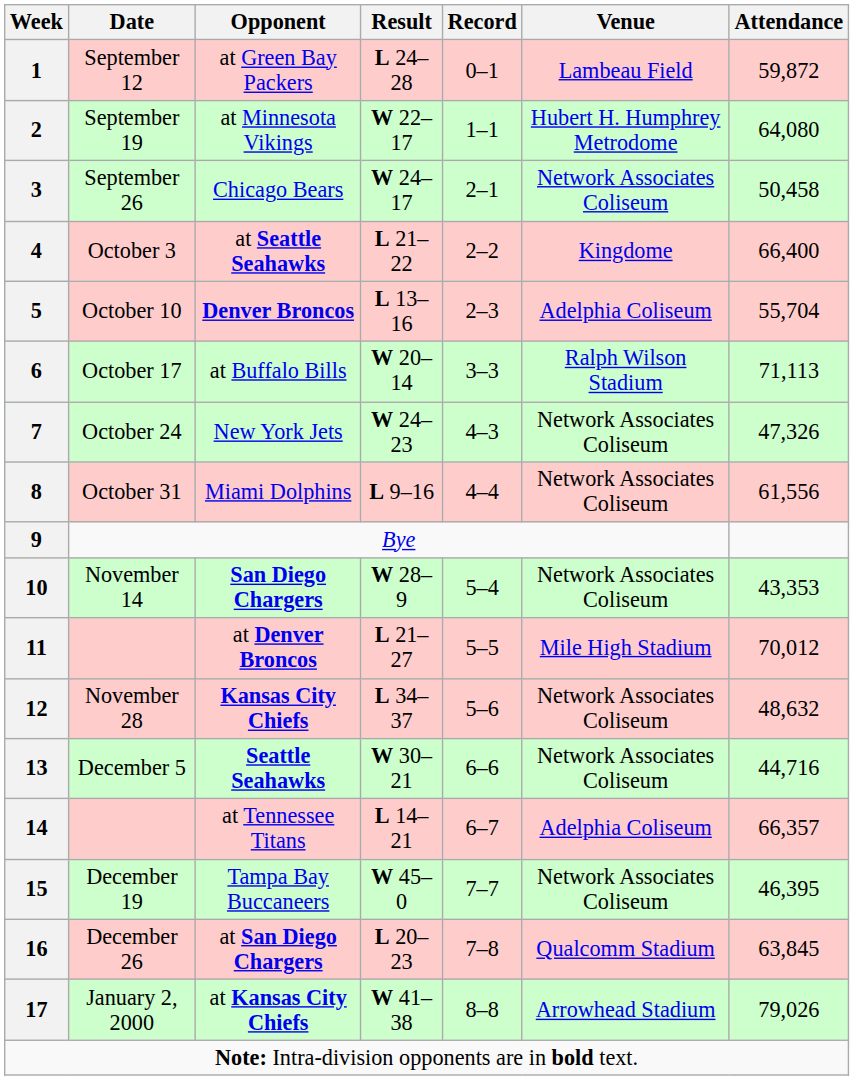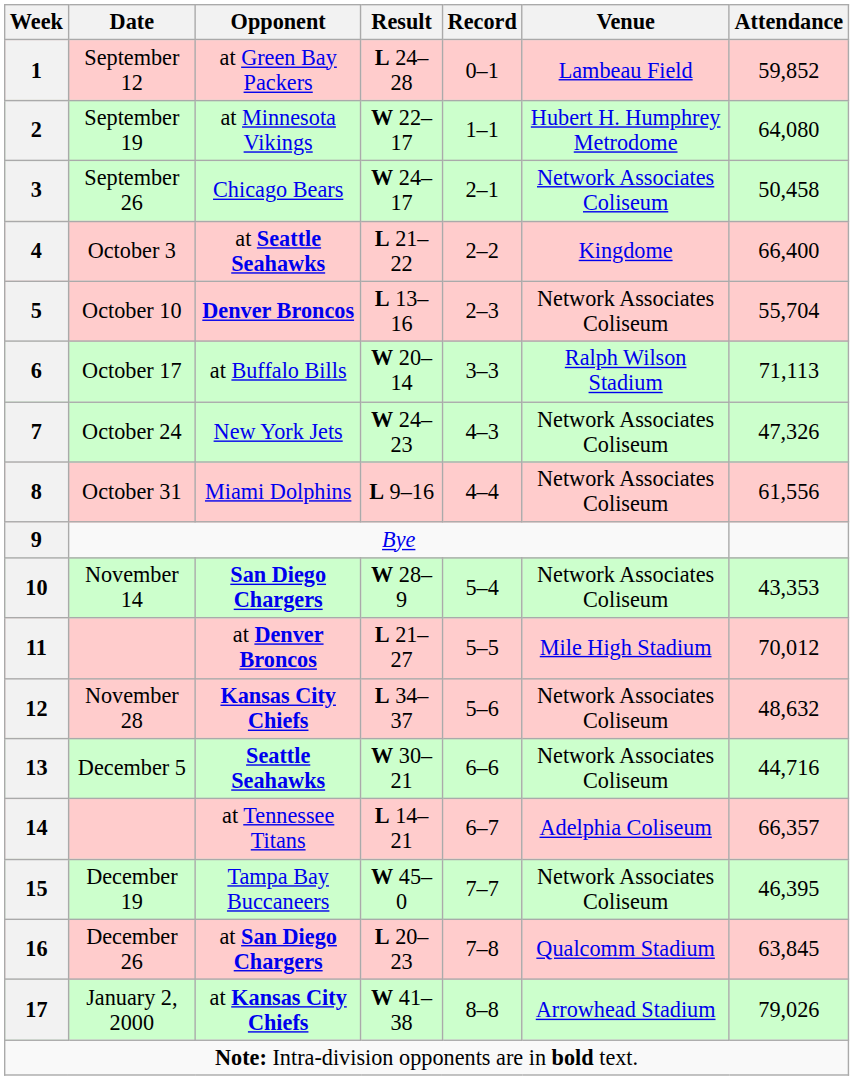 <table class="wikitable" style="text-align:center">
 <tr>
 <th>Week</th>
 <th>Date</th>
 <th>Opponent</th>
 <th>Result</th>
 <th>Record</th>
 <th>Venue</th>
 <th>Attendance</th>
 </tr>
 <tr style="background:#fcc">
 <th>1</th>
 <td>September 12</td>
 <td>at <a href='#'>Green Bay Packers</a></td>
 <td><strong>L</strong> 24–28</td>
 <td>0–1</td>
 <td><a href='#'>Lambeau Field</a></td>
-<td>59,872</td>
+<td>59,852</td>
 </tr>
 <tr style="background:#cfc">
 <th>2</th>
 <td>September 19</td>
 <td>at <a href='#'>Minnesota Vikings</a></td>
 <td><strong>W</strong> 22–17</td>
 <td>1–1</td>
 <td><a href='#'>Hubert H. Humphrey Metrodome</a></td>
 <td>64,080</td>
 </tr>
 <tr style="background:#cfc">
 <th>3</th>
 <td>September 26</td>
 <td><a href='#'>Chicago Bears</a></td>
 <td><strong>W</strong> 24–17</td>
 <td>2–1</td>
 <td><a href='#'>Network Associates Coliseum</a></td>
 <td>50,458</td>
 </tr>
 <tr style="background:#fcc">
 <th>4</th>
 <td>October 3</td>
 <td>at <strong><a href='#'>Seattle Seahawks</a></strong></td>
 <td><strong>L</strong> 21–22</td>
 <td>2–2</td>
 <td><a href='#'>Kingdome</a></td>
 <td>66,400</td>
 </tr>
 <tr style="background:#fcc">
 <th>5</th>
 <td>October 10</td>
 <td><strong><a href='#'>Denver Broncos</a></strong></td>
 <td><strong>L</strong> 13–16</td>
 <td>2–3</td>
-<td><a href='#'>Adelphia Coliseum</a></td>
+<td>Network Associates Coliseum</td>
 <td>55,704</td>
 </tr>
 <tr style="background:#cfc">
 <th>6</th>
 <td>October 17</td>
 <td>at <a href='#'>Buffalo Bills</a></td>
 <td><strong>W</strong> 20–14</td>
 <td>3–3</td>
 <td><a href='#'>Ralph Wilson Stadium</a></td>
 <td>71,113</td>
 </tr>
 <tr style="background:#cfc">
 <th>7</th>
 <td>October 24</td>
 <td><a href='#'>New York Jets</a></td>
 <td><strong>W</strong> 24–23</td>
 <td>4–3</td>
 <td>Network Associates Coliseum</td>
 <td>47,326</td>
 </tr>
 <tr style="background:#fcc">
 <th>8</th>
 <td>October 31</td>
 <td><a href='#'>Miami Dolphins</a></td>
 <td><strong>L</strong> 9–16</td>
 <td>4–4</td>
 <td>Network Associates Coliseum</td>
 <td>61,556</td>
 </tr>
 <tr>
 <th>9</th>
 <td colspan="5"><em><a href='#'>Bye</a></em></td>
 </tr>
 <tr style="background:#cfc">
 <th>10</th>
 <td>November 14</td>
 <td><strong><a href='#'>San Diego Chargers</a></strong></td>
 <td><strong>W</strong> 28–9</td>
 <td>5–4</td>
 <td>Network Associates Coliseum</td>
 <td>43,353</td>
 </tr>
 <tr style="background:#fcc">
 <th>11</th>
 <td></td>
 <td>at <strong><a href='#'>Denver Broncos</a></strong></td>
 <td><strong>L</strong> 21–27 </td>
 <td>5–5</td>
 <td><a href='#'>Mile High Stadium</a></td>
 <td>70,012</td>
 </tr>
 <tr style="background:#fcc">
 <th>12</th>
 <td>November 28</td>
 <td><strong><a href='#'>Kansas City Chiefs</a></strong></td>
 <td><strong>L</strong> 34–37</td>
 <td>5–6</td>
 <td>Network Associates Coliseum</td>
 <td>48,632</td>
 </tr>
 <tr style="background:#cfc">
 <th>13</th>
 <td>December 5</td>
 <td><strong><a href='#'>Seattle Seahawks</a></strong></td>
 <td><strong>W</strong> 30–21</td>
 <td>6–6</td>
 <td>Network Associates Coliseum</td>
 <td>44,716</td>
 </tr>
 <tr style="background:#fcc">
 <th>14</th>
 <td></td>
 <td>at <a href='#'>Tennessee Titans</a></td>
 <td><strong>L</strong> 14–21</td>
 <td>6–7</td>
 <td><a href='#'>Adelphia Coliseum</a></td>
 <td>66,357</td>
 </tr>
 <tr style="background:#cfc">
 <th>15</th>
 <td>December 19</td>
 <td><a href='#'>Tampa Bay Buccaneers</a></td>
 <td><strong>W</strong> 45–0</td>
 <td>7–7</td>
 <td>Network Associates Coliseum</td>
 <td>46,395</td>
 </tr>
 <tr style="background:#fcc">
 <th>16</th>
 <td>December 26</td>
 <td>at <strong><a href='#'>San Diego Chargers</a></strong></td>
 <td><strong>L</strong> 20–23</td>
 <td>7–8</td>
 <td><a href='#'>Qualcomm Stadium</a></td>
 <td>63,845</td>
 </tr>
 <tr style="background:#cfc">
 <th>17</th>
 <td>January 2, 2000</td>
 <td>at <strong><a href='#'>Kansas City Chiefs</a></strong></td>
 <td><strong>W</strong> 41–38 </td>
 <td>8–8</td>
 <td><a href='#'>Arrowhead Stadium</a></td>
 <td>79,026</td>
 </tr>
 <tr>
 <td colspan="8"><strong>Note:</strong> Intra-division opponents are in <strong>bold</strong> text.</td>
 </tr>
 </table>
